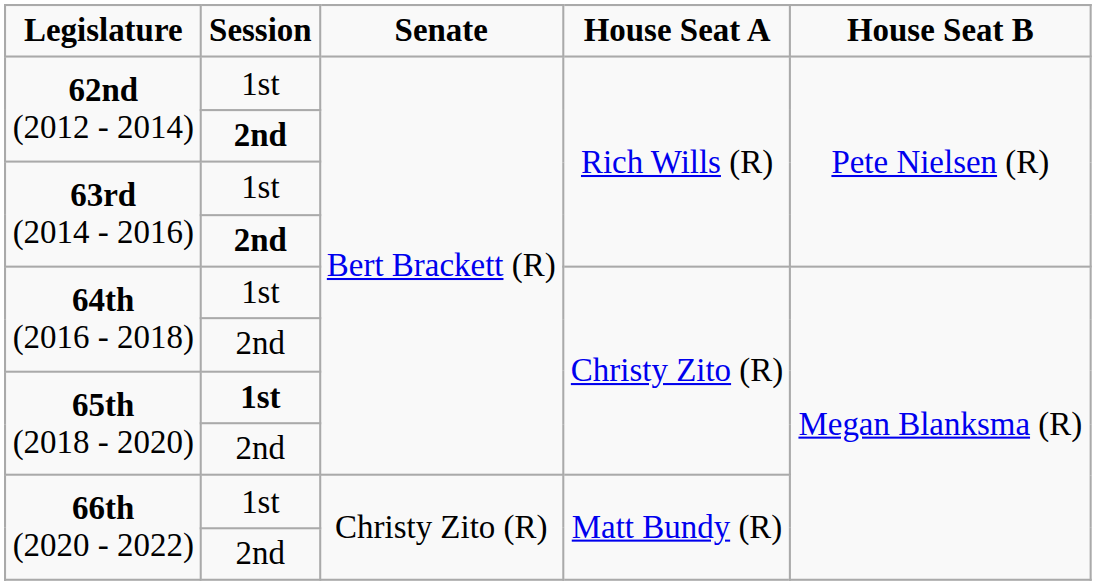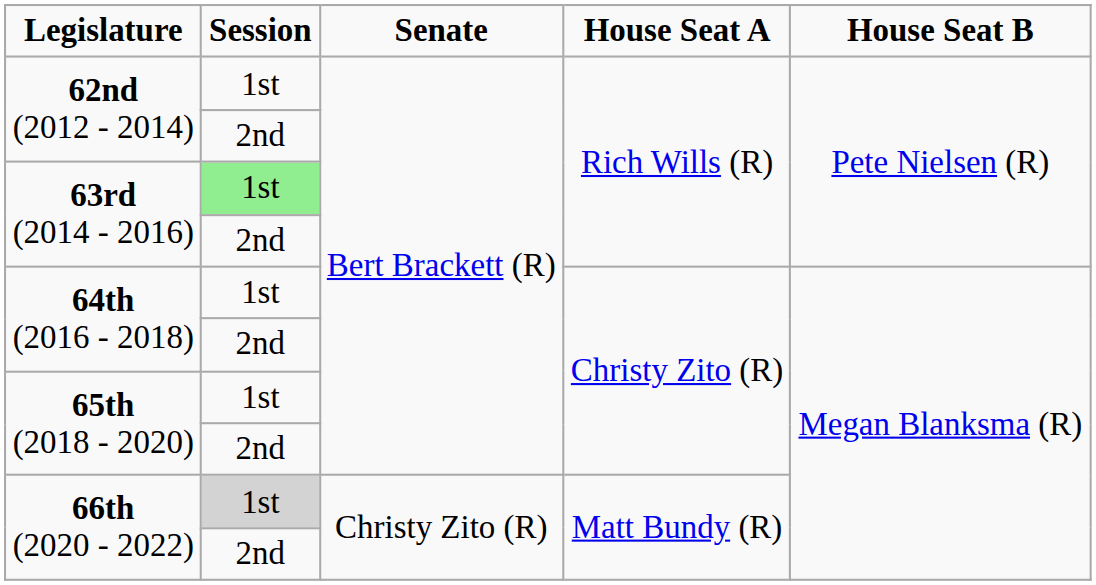 <table class=wikitable style="text-align:center">
 <tr>
 <td><strong>Legislature</strong></td>
 <td><strong>Session</strong></td>
 <td><strong>Senate</strong></td>
 <td><strong>House Seat A</strong></td>
 <td><strong>House Seat B</strong></td>
 </tr>
 <tr>
 <td rowspan="2" colspan="1" style="text-align: center;"><strong>62nd</strong> <br> (2012 - 2014)</td>
 <td>1st</td>
 <td rowspan="8" colspan="1" style="text-align: center;" ><a href='#'>Bert Brackett</a> (R)</td>
 <td rowspan="4" colspan="1" style="text-align: center;" ><a href='#'>Rich Wills</a> (R)</td>
 <td rowspan="4" colspan="1" style="text-align: center;" ><a href='#'>Pete Nielsen</a> (R)</td>
 </tr>
 <tr>
-<td><strong>2nd</strong></td>
+<td>2nd</td>
 </tr>
 <tr>
 <td rowspan="2" colspan="1" style="text-align: center;"><strong>63rd</strong> <br> (2014 - 2016)</td>
-<td>1st</td>
+<td style="background: lightgreen;">1st</td>
 </tr>
 <tr>
-<td><strong>2nd</strong></td>
+<td>2nd</td>
 </tr>
 <tr>
 <td rowspan="2" colspan="1" style="text-align: center;"><strong>64th</strong> <br> (2016 - 2018)</td>
 <td>1st</td>
 <td rowspan="4" colspan="1" style="text-align: center;" ><a href='#'>Christy Zito</a> (R)</td>
 <td rowspan="6" colspan="1" style="text-align: center;" ><a href='#'>Megan Blanksma</a> (R)</td>
 </tr>
 <tr>
 <td>2nd</td>
 </tr>
 <tr>
 <td rowspan="2" colspan="1" style="text-align: center;"><strong>65th</strong> <br> (2018 - 2020)</td>
-<td><strong>1st</strong></td>
+<td>1st</td>
 </tr>
 <tr>
 <td>2nd</td>
 </tr>
 <tr>
 <td rowspan="2" colspan="1" style="text-align: center;"><strong>66th</strong> <br> (2020 - 2022)</td>
-<td>1st</td>
+<td style="background: lightgrey;">1st</td>
 <td rowspan="2" colspan="1" style="text-align: center;" >Christy Zito (R)</td>
 <td rowspan="2" colspan="1" style="text-align: center;" ><a href='#'>Matt Bundy</a> (R)</td>
 </tr>
 <tr>
 <td>2nd</td>
 </tr>
 </table>
